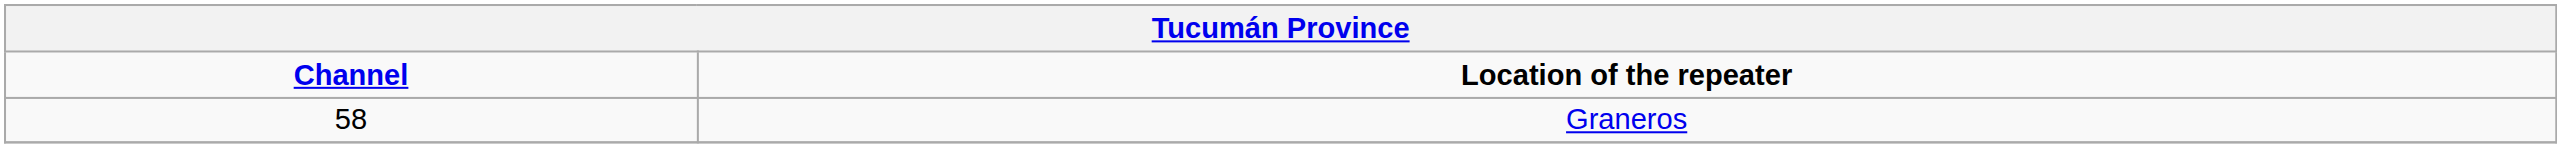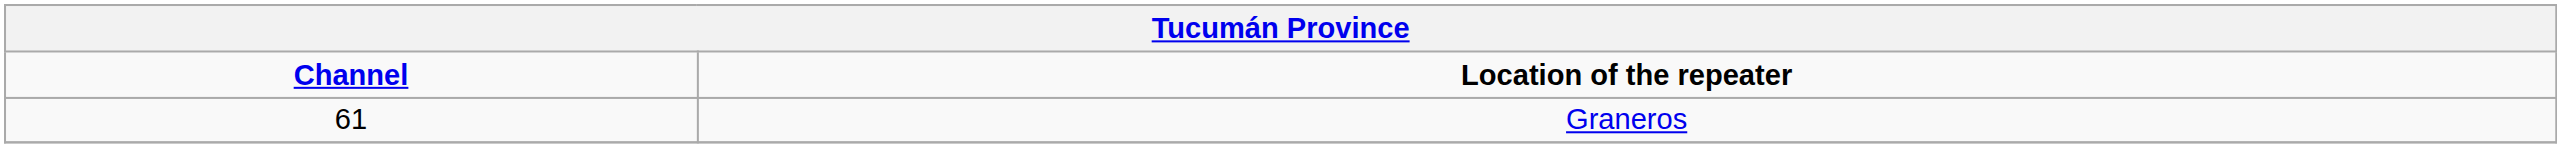 <table class="wikitable collapsible collapsed" style="font-size:90%; text-align: center; width: 100%;">
 <tr>
 <th colspan="12" style="with: 100%;" align=center> <a href='#'>Tucumán Province</a></th>
 </tr>
 <tr>
 <td><strong><a href='#'>Channel</a></strong></td>
 <td><strong>Location of the repeater</strong></td>
 </tr>
 <tr>
-<td>58</td>
+<td>61</td>
 <td><a href='#'>Graneros</a></td>
 </tr>
 <tr>
 </tr>
 </table>
